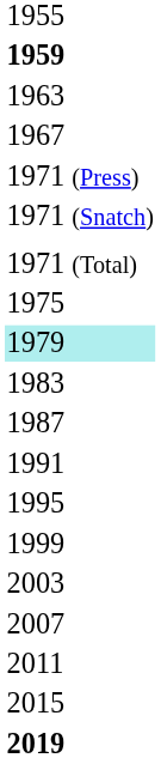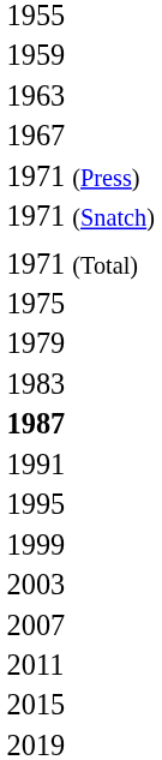 <table>
 <tr>
 <td>1955</td>
 <td></td>
 <td></td>
 <td></td>
 </tr>
 <tr>
-<td><strong>1959</strong></td>
+<td>1959</td>
 <td></td>
 <td></td>
 <td></td>
 </tr>
 <tr>
 <td>1963</td>
 <td></td>
 <td></td>
 <td></td>
 </tr>
 <tr>
 <td>1967</td>
 <td></td>
 <td></td>
 <td></td>
 </tr>
 <tr>
 <td>1971 <small>(<a href='#'>Press</a>)</small></td>
 <td></td>
 <td></td>
 <td></td>
 </tr>
 <tr>
 <td>1971 <small>(<a href='#'>Snatch</a>)</small></td>
 <td></td>
 <td></td>
 <td></td>
 </tr>
 <tr>
 <td></td>
 <td></td>
 <td></td>
 <td></td>
 </tr>
 <tr>
 <td>1971 <small>(Total)</small></td>
 <td></td>
 <td></td>
 <td></td>
 </tr>
 <tr>
 <td>1975</td>
 <td></td>
 <td></td>
 <td></td>
 </tr>
 <tr>
-<td style="background: paleturquoise;">1979</td>
+<td>1979</td>
 <td></td>
 <td></td>
 <td></td>
 </tr>
 <tr>
 <td>1983</td>
 <td></td>
 <td></td>
 <td></td>
 </tr>
 <tr>
-<td>1987</td>
+<td><strong>1987</strong></td>
 <td></td>
 <td></td>
 <td></td>
 </tr>
 <tr>
 <td>1991</td>
 <td></td>
 <td></td>
 <td></td>
 </tr>
 <tr>
 <td>1995</td>
 <td></td>
 <td></td>
 <td></td>
 </tr>
 <tr>
 <td>1999</td>
 <td></td>
 <td></td>
 <td></td>
 </tr>
 <tr>
 <td>2003</td>
 <td></td>
 <td></td>
 <td></td>
 </tr>
 <tr>
 <td>2007</td>
 <td></td>
 <td></td>
 <td></td>
 </tr>
 <tr>
 <td>2011<br></td>
 <td></td>
 <td></td>
 <td></td>
 </tr>
 <tr>
 <td>2015<br></td>
 <td></td>
 <td></td>
 <td></td>
 </tr>
 <tr>
-<td><strong>2019<br></strong></td>
+<td>2019<br></td>
 <td></td>
 <td></td>
 <td></td>
 </tr>
 </table>
